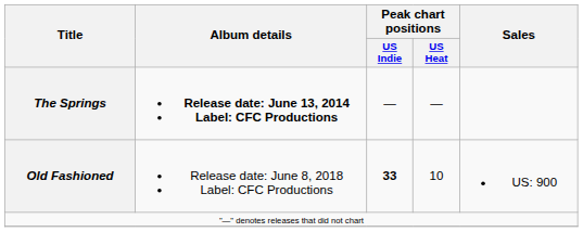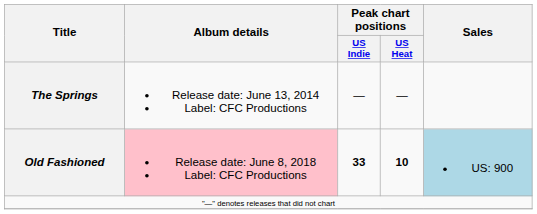 <table class="wikitable plainrowheaders" style="text-align:center;">
 <tr>
 <th rowspan="2" style="width:10em;">Title</th>
 <th rowspan="2" style="width:18em;">Album details</th>
 <th colspan="2">Peak chart positions</th>
 <th rowspan="2" style="width:9em;">Sales</th>
 </tr>
 <tr style="font-size:smaller;">
 <th style="width:4em;"><a href='#'>US<br> Indie</a><br></th>
 <th style="width:4em;"><a href='#'>US<br> Heat</a><br></th>
 </tr>
 <tr>
 <th scope="row"><em>The Springs</em></th>
-<td><strong><br><ul><li>Release date: June 13, 2014</li><li>Label: CFC Productions</li></ul></strong></td>
+<td><br><ul><li>Release date: June 13, 2014</li><li>Label: CFC Productions</li></ul></td>
 <td>—</td>
 <td>—</td>
 <td></td>
 </tr>
 <tr>
 <th scope="row"><em>Old Fashioned</em></th>
-<td><br><ul><li>Release date: June 8, 2018</li><li>Label: CFC Productions</li></ul></td>
+<td style="background: pink;"><br><ul><li>Release date: June 8, 2018</li><li>Label: CFC Productions</li></ul></td>
 <td><strong>33</strong></td>
-<td>10</td>
-<td><br><ul><li>US: 900</li></ul></td>
+<td><strong>10</strong></td>
+<td style="background: lightblue;"><br><ul><li>US: 900</li></ul></td>
 </tr>
 <tr>
 <td colspan="6" style="font-size:8pt">"—" denotes releases that did not chart</td>
 </tr>
 <tr>
 </tr>
 </table>
